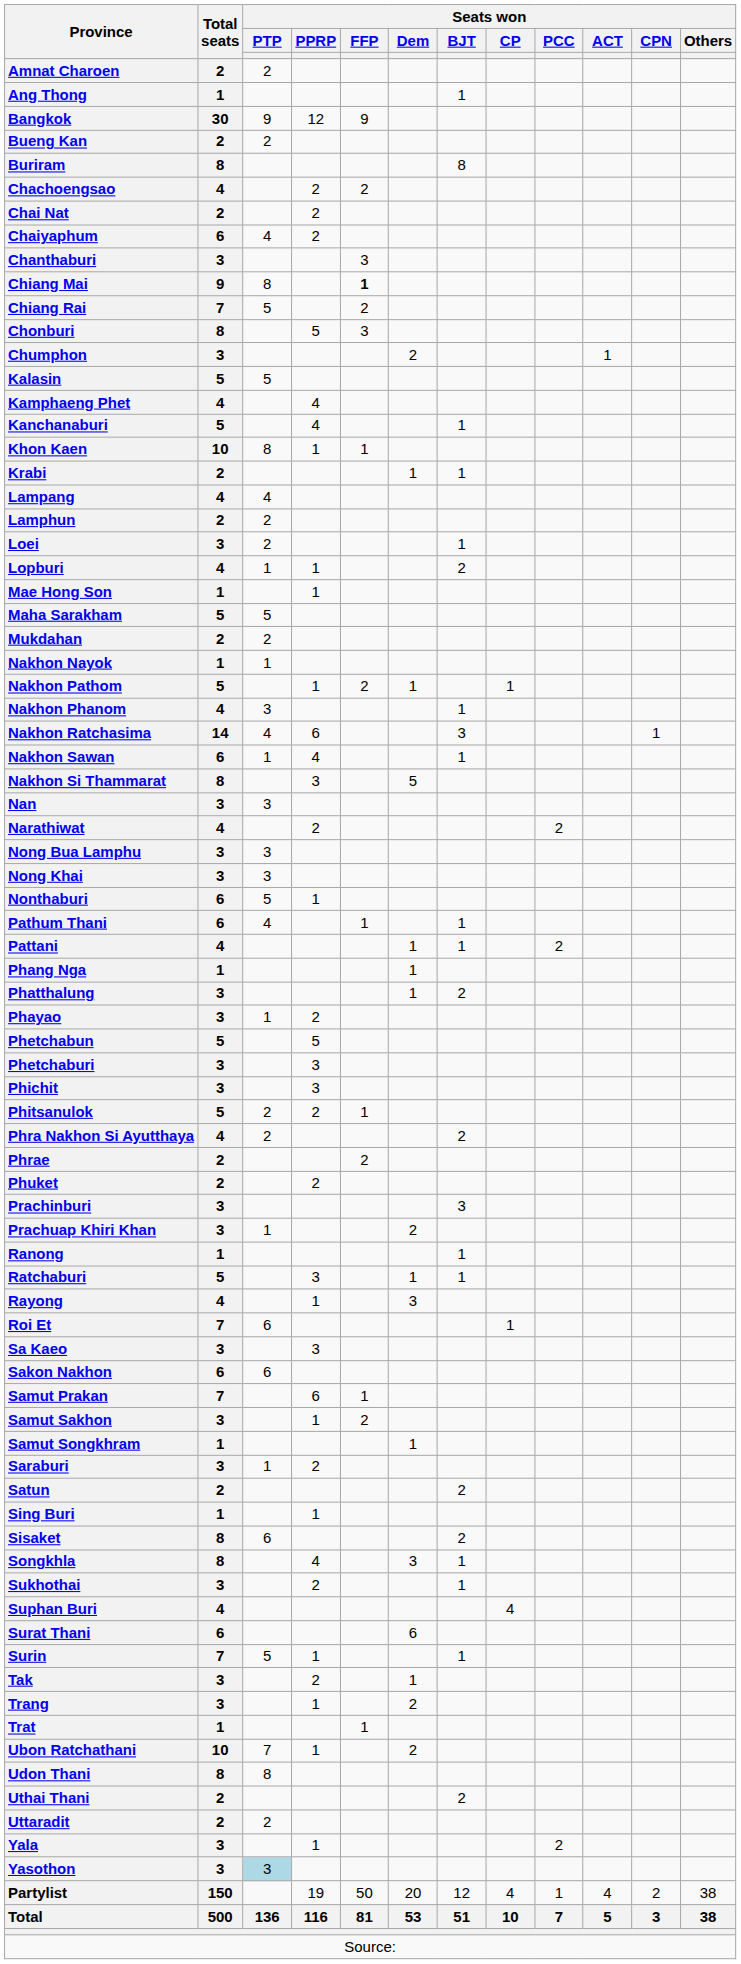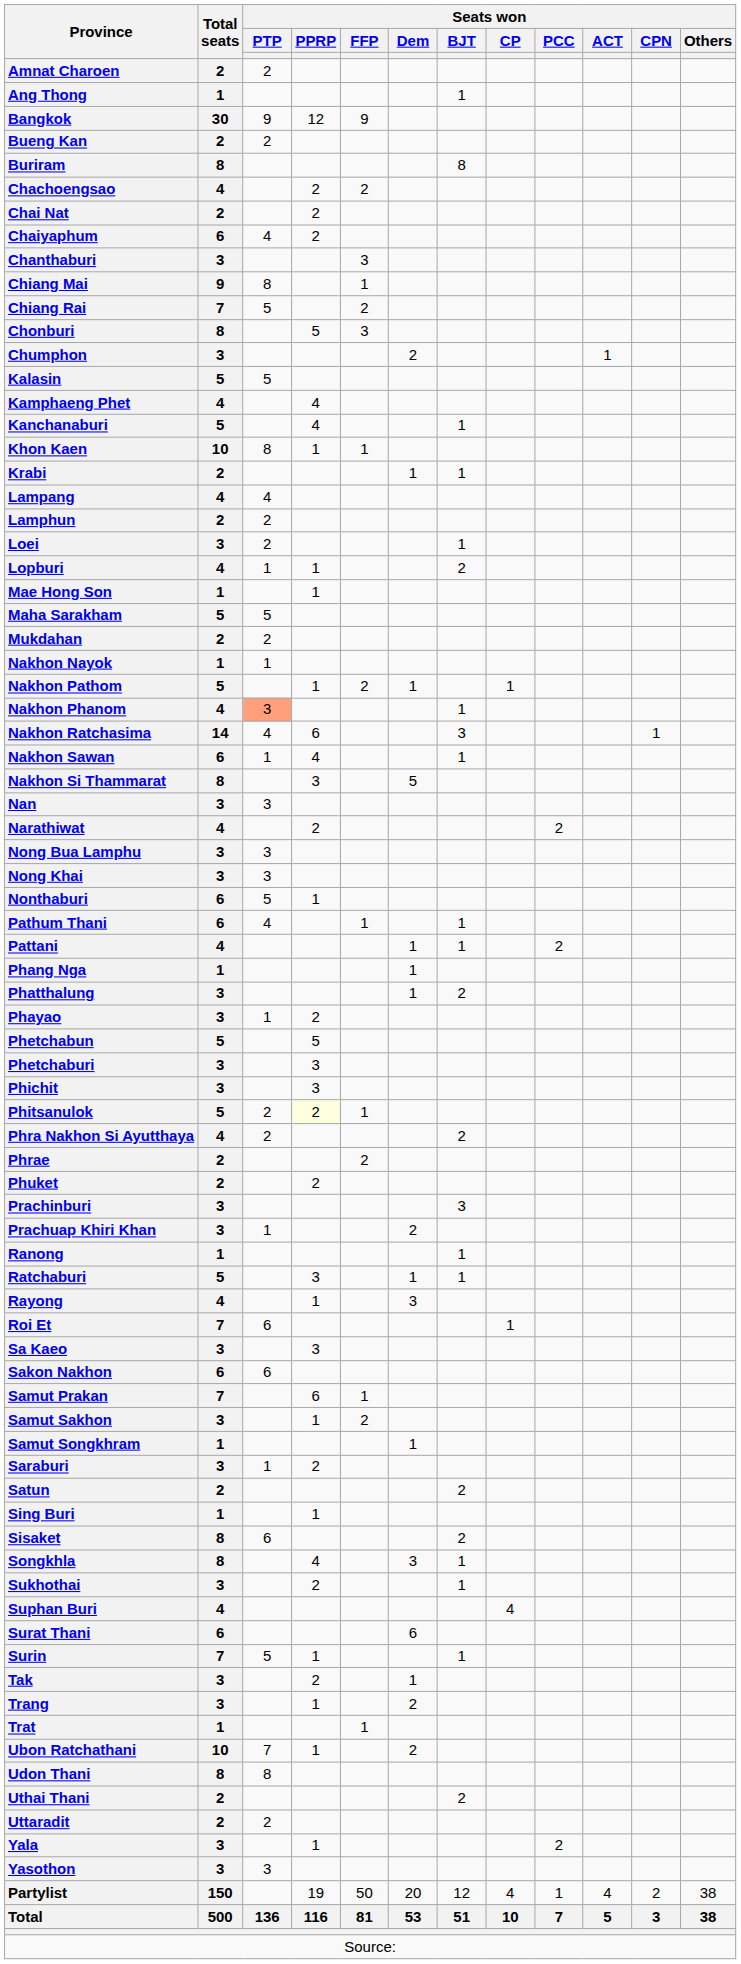 <table class=wikitable style="text-align:center; font-size: 0.9em;">
 <tr>
 <th rowspan="3">Province</th>
 <th rowspan="3">Total<br>seats</th>
 <th colspan="10">Seats won</th>
 </tr>
 <tr>
 <th class="unsortable" style="width:40px;"><a href='#'>PTP</a></th>
 <th class="unsortable" style="width:40px;"><a href='#'>PPRP</a></th>
 <th class="unsortable" style="width:40px;"><a href='#'>FFP</a></th>
 <th class="unsortable" style="width:40px;"><a href='#'>Dem</a></th>
 <th class="unsortable" style="width:40px;"><a href='#'>BJT</a></th>
 <th class="unsortable" style="width:40px;"><a href='#'>CP</a></th>
 <th class="unsortable" style="width:40px;"><a href='#'>PCC</a></th>
 <th class="unsortable" style="width:40px;"><a href='#'>ACT</a></th>
 <th class="unsortable" style="width:40px;"><a href='#'>CPN</a></th>
 <th class="unsortable" style="width:40px;">Others</th>
 </tr>
 <tr>
 <th style="color:inherit;background:"></th>
 <th style="color:inherit;background:"></th>
 <th style="color:inherit;background:"></th>
 <th style="color:inherit;background:"></th>
 <th style="color:inherit;background:"></th>
 <th style="color:inherit;background:"></th>
 <th style="color:inherit;background:"></th>
 <th style="color:inherit;background:"></th>
 <th style="color:inherit;background:"></th>
 <th style="color:inherit;background:"></th>
 </tr>
 <tr>
 <th style="text-align: left;"><a href='#'>Amnat Charoen</a></th>
 <th>2</th>
 <td>2</td>
 <td></td>
 <td></td>
 <td></td>
 <td></td>
 <td></td>
 <td></td>
 <td></td>
 <td></td>
 <td></td>
 </tr>
 <tr>
 <th style="text-align: left;"><a href='#'>Ang Thong</a></th>
 <th>1</th>
 <td></td>
 <td></td>
 <td></td>
 <td></td>
 <td>1</td>
 <td></td>
 <td></td>
 <td></td>
 <td></td>
 <td></td>
 </tr>
 <tr>
 <th style="text-align: left;"><a href='#'>Bangkok</a></th>
 <th>30</th>
 <td>9</td>
 <td>12</td>
 <td>9</td>
 <td></td>
 <td></td>
 <td></td>
 <td></td>
 <td></td>
 <td></td>
 <td></td>
 </tr>
 <tr>
 <th style="text-align: left;"><a href='#'>Bueng Kan</a></th>
 <th>2</th>
 <td>2</td>
 <td></td>
 <td></td>
 <td></td>
 <td></td>
 <td></td>
 <td></td>
 <td></td>
 <td></td>
 <td></td>
 </tr>
 <tr>
 <th style="text-align: left;"><a href='#'>Buriram</a></th>
 <th>8</th>
 <td></td>
 <td></td>
 <td></td>
 <td></td>
 <td>8</td>
 <td></td>
 <td></td>
 <td></td>
 <td></td>
 <td></td>
 </tr>
 <tr>
 <th style="text-align: left;"><a href='#'>Chachoengsao</a></th>
 <th>4</th>
 <td></td>
 <td>2</td>
 <td>2</td>
 <td></td>
 <td></td>
 <td></td>
 <td></td>
 <td></td>
 <td></td>
 <td></td>
 </tr>
 <tr>
 <th style="text-align: left;"><a href='#'>Chai Nat</a></th>
 <th>2</th>
 <td></td>
 <td>2</td>
 <td></td>
 <td></td>
 <td></td>
 <td></td>
 <td></td>
 <td></td>
 <td></td>
 <td></td>
 </tr>
 <tr>
 <th style="text-align: left;"><a href='#'>Chaiyaphum</a></th>
 <th>6</th>
 <td>4</td>
 <td>2</td>
 <td></td>
 <td></td>
 <td></td>
 <td></td>
 <td></td>
 <td></td>
 <td></td>
 <td></td>
 </tr>
 <tr>
 <th style="text-align: left;"><a href='#'>Chanthaburi</a></th>
 <th>3</th>
 <td></td>
 <td></td>
 <td>3</td>
 <td></td>
 <td></td>
 <td></td>
 <td></td>
 <td></td>
 <td></td>
 <td></td>
 </tr>
 <tr>
 <th style="text-align: left;"><a href='#'>Chiang Mai</a></th>
 <th>9</th>
 <td>8</td>
 <td></td>
-<td><strong>1</strong></td>
+<td>1</td>
 <td></td>
 <td></td>
 <td></td>
 <td></td>
 <td></td>
 <td></td>
 <td></td>
 </tr>
 <tr>
 <th style="text-align: left;"><a href='#'>Chiang Rai</a></th>
 <th>7</th>
 <td>5</td>
 <td></td>
 <td>2</td>
 <td></td>
 <td></td>
 <td></td>
 <td></td>
 <td></td>
 <td></td>
 <td></td>
 </tr>
 <tr>
 <th style="text-align: left;"><a href='#'>Chonburi</a></th>
 <th>8</th>
 <td></td>
 <td>5</td>
 <td>3</td>
 <td></td>
 <td></td>
 <td></td>
 <td></td>
 <td></td>
 <td></td>
 <td></td>
 </tr>
 <tr>
 <th style="text-align: left;"><a href='#'>Chumphon</a></th>
 <th>3</th>
 <td></td>
 <td></td>
 <td></td>
 <td>2</td>
 <td></td>
 <td></td>
 <td></td>
 <td>1</td>
 <td></td>
 <td></td>
 </tr>
 <tr>
 <th style="text-align: left;"><a href='#'>Kalasin</a></th>
 <th>5</th>
 <td>5</td>
 <td></td>
 <td></td>
 <td></td>
 <td></td>
 <td></td>
 <td></td>
 <td></td>
 <td></td>
 <td></td>
 </tr>
 <tr>
 <th style="text-align: left;"><a href='#'>Kamphaeng Phet</a></th>
 <th>4</th>
 <td></td>
 <td>4</td>
 <td></td>
 <td></td>
 <td></td>
 <td></td>
 <td></td>
 <td></td>
 <td></td>
 <td></td>
 </tr>
 <tr>
 <th style="text-align: left;"><a href='#'>Kanchanaburi</a></th>
 <th>5</th>
 <td></td>
 <td>4</td>
 <td></td>
 <td></td>
 <td>1</td>
 <td></td>
 <td></td>
 <td></td>
 <td></td>
 <td></td>
 </tr>
 <tr>
 <th style="text-align: left;"><a href='#'>Khon Kaen</a></th>
 <th>10</th>
 <td>8</td>
 <td>1</td>
 <td>1</td>
 <td></td>
 <td></td>
 <td></td>
 <td></td>
 <td></td>
 <td></td>
 <td></td>
 </tr>
 <tr>
 <th style="text-align: left;"><a href='#'>Krabi</a></th>
 <th>2</th>
 <td></td>
 <td></td>
 <td></td>
 <td>1</td>
 <td>1</td>
 <td></td>
 <td></td>
 <td></td>
 <td></td>
 <td></td>
 </tr>
 <tr>
 <th style="text-align: left;"><a href='#'>Lampang</a></th>
 <th>4</th>
 <td>4</td>
 <td></td>
 <td></td>
 <td></td>
 <td></td>
 <td></td>
 <td></td>
 <td></td>
 <td></td>
 <td></td>
 </tr>
 <tr>
 <th style="text-align: left;"><a href='#'>Lamphun</a></th>
 <th>2</th>
 <td>2</td>
 <td></td>
 <td></td>
 <td></td>
 <td></td>
 <td></td>
 <td></td>
 <td></td>
 <td></td>
 <td></td>
 </tr>
 <tr>
 <th style="text-align: left;"><a href='#'>Loei</a></th>
 <th>3</th>
 <td>2</td>
 <td></td>
 <td></td>
 <td></td>
 <td>1</td>
 <td></td>
 <td></td>
 <td></td>
 <td></td>
 <td></td>
 </tr>
 <tr>
 <th style="text-align: left;"><a href='#'>Lopburi</a></th>
 <th>4</th>
 <td>1</td>
 <td>1</td>
 <td></td>
 <td></td>
 <td>2</td>
 <td></td>
 <td></td>
 <td></td>
 <td></td>
 <td></td>
 </tr>
 <tr>
 <th style="text-align: left;"><a href='#'>Mae Hong Son</a></th>
 <th>1</th>
 <td></td>
 <td>1</td>
 <td></td>
 <td></td>
 <td></td>
 <td></td>
 <td></td>
 <td></td>
 <td></td>
 <td></td>
 </tr>
 <tr>
 <th style="text-align: left;"><a href='#'>Maha Sarakham</a></th>
 <th>5</th>
 <td>5</td>
 <td></td>
 <td></td>
 <td></td>
 <td></td>
 <td></td>
 <td></td>
 <td></td>
 <td></td>
 <td></td>
 </tr>
 <tr>
 <th style="text-align: left;"><a href='#'>Mukdahan</a></th>
 <th>2</th>
 <td>2</td>
 <td></td>
 <td></td>
 <td></td>
 <td></td>
 <td></td>
 <td></td>
 <td></td>
 <td></td>
 <td></td>
 </tr>
 <tr>
 <th style="text-align: left;"><a href='#'>Nakhon Nayok</a></th>
 <th>1</th>
 <td>1</td>
 <td></td>
 <td></td>
 <td></td>
 <td></td>
 <td></td>
 <td></td>
 <td></td>
 <td></td>
 <td></td>
 </tr>
 <tr>
 <th style="text-align: left;"><a href='#'>Nakhon Pathom</a></th>
 <th>5</th>
 <td></td>
 <td>1</td>
 <td>2</td>
 <td>1</td>
 <td></td>
 <td>1</td>
 <td></td>
 <td></td>
 <td></td>
 <td></td>
 </tr>
 <tr>
 <th style="text-align: left;"><a href='#'>Nakhon Phanom</a></th>
 <th>4</th>
-<td>3</td>
+<td style="background: lightsalmon;">3</td>
 <td></td>
 <td></td>
 <td></td>
 <td>1</td>
 <td></td>
 <td></td>
 <td></td>
 <td></td>
 <td></td>
 </tr>
 <tr>
 <th style="text-align: left;"><a href='#'>Nakhon Ratchasima</a></th>
 <th>14</th>
 <td>4</td>
 <td>6</td>
 <td></td>
 <td></td>
 <td>3</td>
 <td></td>
 <td></td>
 <td></td>
 <td>1</td>
 <td></td>
 </tr>
 <tr>
 <th style="text-align: left;"><a href='#'>Nakhon Sawan</a></th>
 <th>6</th>
 <td>1</td>
 <td>4</td>
 <td></td>
 <td></td>
 <td>1</td>
 <td></td>
 <td></td>
 <td></td>
 <td></td>
 <td></td>
 </tr>
 <tr>
 <th style="text-align: left;"><a href='#'>Nakhon Si Thammarat</a></th>
 <th>8</th>
 <td></td>
 <td>3</td>
 <td></td>
 <td>5</td>
 <td></td>
 <td></td>
 <td></td>
 <td></td>
 <td></td>
 <td></td>
 </tr>
 <tr>
 <th style="text-align: left;"><a href='#'>Nan</a></th>
 <th>3</th>
 <td>3</td>
 <td></td>
 <td></td>
 <td></td>
 <td></td>
 <td></td>
 <td></td>
 <td></td>
 <td></td>
 <td></td>
 </tr>
 <tr>
 <th style="text-align: left;"><a href='#'>Narathiwat</a></th>
 <th>4</th>
 <td></td>
 <td>2</td>
 <td></td>
 <td></td>
 <td></td>
 <td></td>
 <td>2</td>
 <td></td>
 <td></td>
 <td></td>
 </tr>
 <tr>
 <th style="text-align: left;"><a href='#'>Nong Bua Lamphu</a></th>
 <th>3</th>
 <td>3</td>
 <td></td>
 <td></td>
 <td></td>
 <td></td>
 <td></td>
 <td></td>
 <td></td>
 <td></td>
 <td></td>
 </tr>
 <tr>
 <th style="text-align: left;"><a href='#'>Nong Khai</a></th>
 <th>3</th>
 <td>3</td>
 <td></td>
 <td></td>
 <td></td>
 <td></td>
 <td></td>
 <td></td>
 <td></td>
 <td></td>
 <td></td>
 </tr>
 <tr>
 <th style="text-align: left;"><a href='#'>Nonthaburi</a></th>
 <th>6</th>
 <td>5</td>
 <td>1</td>
 <td></td>
 <td></td>
 <td></td>
 <td></td>
 <td></td>
 <td></td>
 <td></td>
 <td></td>
 </tr>
 <tr>
 <th style="text-align: left;"><a href='#'>Pathum Thani</a></th>
 <th>6</th>
 <td>4</td>
 <td></td>
 <td>1</td>
 <td></td>
 <td>1</td>
 <td></td>
 <td></td>
 <td></td>
 <td></td>
 <td></td>
 </tr>
 <tr>
 <th style="text-align: left;"><a href='#'>Pattani</a></th>
 <th>4</th>
 <td></td>
 <td></td>
 <td></td>
 <td>1</td>
 <td>1</td>
 <td></td>
 <td>2</td>
 <td></td>
 <td></td>
 <td></td>
 </tr>
 <tr>
 <th style="text-align: left;"><a href='#'>Phang Nga</a></th>
 <th>1</th>
 <td></td>
 <td></td>
 <td></td>
 <td>1</td>
 <td></td>
 <td></td>
 <td></td>
 <td></td>
 <td></td>
 <td></td>
 </tr>
 <tr>
 <th style="text-align: left;"><a href='#'>Phatthalung</a></th>
 <th>3</th>
 <td></td>
 <td></td>
 <td></td>
 <td>1</td>
 <td>2</td>
 <td></td>
 <td></td>
 <td></td>
 <td></td>
 <td></td>
 </tr>
 <tr>
 <th style="text-align: left;"><a href='#'>Phayao</a></th>
 <th>3</th>
 <td>1</td>
 <td>2</td>
 <td></td>
 <td></td>
 <td></td>
 <td></td>
 <td></td>
 <td></td>
 <td></td>
 <td></td>
 </tr>
 <tr>
 <th style="text-align: left;"><a href='#'>Phetchabun</a></th>
 <th>5</th>
 <td></td>
 <td>5</td>
 <td></td>
 <td></td>
 <td></td>
 <td></td>
 <td></td>
 <td></td>
 <td></td>
 <td></td>
 </tr>
 <tr>
 <th style="text-align: left;"><a href='#'>Phetchaburi</a></th>
 <th>3</th>
 <td></td>
 <td>3</td>
 <td></td>
 <td></td>
 <td></td>
 <td></td>
 <td></td>
 <td></td>
 <td></td>
 <td></td>
 </tr>
 <tr>
 <th style="text-align: left;"><a href='#'>Phichit</a></th>
 <th>3</th>
 <td></td>
 <td>3</td>
 <td></td>
 <td></td>
 <td></td>
 <td></td>
 <td></td>
 <td></td>
 <td></td>
 <td></td>
 </tr>
 <tr>
 <th style="text-align: left;"><a href='#'>Phitsanulok</a></th>
 <th>5</th>
 <td>2</td>
-<td>2</td>
+<td style="background: lightyellow;">2</td>
 <td>1</td>
 <td></td>
 <td></td>
 <td></td>
 <td></td>
 <td></td>
 <td></td>
 <td></td>
 </tr>
 <tr>
 <th style="text-align: left;"><a href='#'>Phra Nakhon Si Ayutthaya</a></th>
 <th>4</th>
 <td>2</td>
 <td></td>
 <td></td>
 <td></td>
 <td>2</td>
 <td></td>
 <td></td>
 <td></td>
 <td></td>
 <td></td>
 </tr>
 <tr>
 <th style="text-align: left;"><a href='#'>Phrae</a></th>
 <th>2</th>
 <td></td>
 <td></td>
 <td>2</td>
 <td></td>
 <td></td>
 <td></td>
 <td></td>
 <td></td>
 <td></td>
 <td></td>
 </tr>
 <tr>
 <th style="text-align: left;"><a href='#'>Phuket</a></th>
 <th>2</th>
 <td></td>
 <td>2</td>
 <td></td>
 <td></td>
 <td></td>
 <td></td>
 <td></td>
 <td></td>
 <td></td>
 <td></td>
 </tr>
 <tr>
 <th style="text-align: left;"><a href='#'>Prachinburi</a></th>
 <th>3</th>
 <td></td>
 <td></td>
 <td></td>
 <td></td>
 <td>3</td>
 <td></td>
 <td></td>
 <td></td>
 <td></td>
 <td></td>
 </tr>
 <tr>
 <th style="text-align: left;"><a href='#'>Prachuap Khiri Khan</a></th>
 <th>3</th>
 <td>1</td>
 <td></td>
 <td></td>
 <td>2</td>
 <td></td>
 <td></td>
 <td></td>
 <td></td>
 <td></td>
 <td></td>
 </tr>
 <tr>
 <th style="text-align: left;"><a href='#'>Ranong</a></th>
 <th>1</th>
 <td></td>
 <td></td>
 <td></td>
 <td></td>
 <td>1</td>
 <td></td>
 <td></td>
 <td></td>
 <td></td>
 <td></td>
 </tr>
 <tr>
 <th style="text-align: left;"><a href='#'>Ratchaburi</a></th>
 <th>5</th>
 <td></td>
 <td>3</td>
 <td></td>
 <td>1</td>
 <td>1</td>
 <td></td>
 <td></td>
 <td></td>
 <td></td>
 <td></td>
 </tr>
 <tr>
 <th style="text-align: left;"><a href='#'>Rayong</a></th>
 <th>4</th>
 <td></td>
 <td>1</td>
 <td></td>
 <td>3</td>
 <td></td>
 <td></td>
 <td></td>
 <td></td>
 <td></td>
 <td></td>
 </tr>
 <tr>
 <th style="text-align: left;"><a href='#'>Roi Et</a></th>
 <th>7</th>
 <td>6</td>
 <td></td>
 <td></td>
 <td></td>
 <td></td>
 <td>1</td>
 <td></td>
 <td></td>
 <td></td>
 <td></td>
 </tr>
 <tr>
 <th style="text-align: left;"><a href='#'>Sa Kaeo</a></th>
 <th>3</th>
 <td></td>
 <td>3</td>
 <td></td>
 <td></td>
 <td></td>
 <td></td>
 <td></td>
 <td></td>
 <td></td>
 <td></td>
 </tr>
 <tr>
 <th style="text-align: left;"><a href='#'>Sakon Nakhon</a></th>
 <th>6</th>
 <td>6</td>
 <td></td>
 <td></td>
 <td></td>
 <td></td>
 <td></td>
 <td></td>
 <td></td>
 <td></td>
 <td></td>
 </tr>
 <tr>
 <th style="text-align: left;"><a href='#'>Samut Prakan</a></th>
 <th>7</th>
 <td></td>
 <td>6</td>
 <td>1</td>
 <td></td>
 <td></td>
 <td></td>
 <td></td>
 <td></td>
 <td></td>
 <td></td>
 </tr>
 <tr>
 <th style="text-align: left;"><a href='#'>Samut Sakhon</a></th>
 <th>3</th>
 <td></td>
 <td>1</td>
 <td>2</td>
 <td></td>
 <td></td>
 <td></td>
 <td></td>
 <td></td>
 <td></td>
 <td></td>
 </tr>
 <tr>
 <th style="text-align: left;"><a href='#'>Samut Songkhram</a></th>
 <th>1</th>
 <td></td>
 <td></td>
 <td></td>
 <td>1</td>
 <td></td>
 <td></td>
 <td></td>
 <td></td>
 <td></td>
 <td></td>
 </tr>
 <tr>
 <th style="text-align: left;"><a href='#'>Saraburi</a></th>
 <th>3</th>
 <td>1</td>
 <td>2</td>
 <td></td>
 <td></td>
 <td></td>
 <td></td>
 <td></td>
 <td></td>
 <td></td>
 <td></td>
 </tr>
 <tr>
 <th style="text-align: left;"><a href='#'>Satun</a></th>
 <th>2</th>
 <td></td>
 <td></td>
 <td></td>
 <td></td>
 <td>2</td>
 <td></td>
 <td></td>
 <td></td>
 <td></td>
 <td></td>
 </tr>
 <tr>
 <th style="text-align: left;"><a href='#'>Sing Buri</a></th>
 <th>1</th>
 <td></td>
 <td>1</td>
 <td></td>
 <td></td>
 <td></td>
 <td></td>
 <td></td>
 <td></td>
 <td></td>
 <td></td>
 </tr>
 <tr>
 <th style="text-align: left;"><a href='#'>Sisaket</a></th>
 <th>8</th>
 <td>6</td>
 <td></td>
 <td></td>
 <td></td>
 <td>2</td>
 <td></td>
 <td></td>
 <td></td>
 <td></td>
 <td></td>
 </tr>
 <tr>
 <th style="text-align: left;"><a href='#'>Songkhla</a></th>
 <th>8</th>
 <td></td>
 <td>4</td>
 <td></td>
 <td>3</td>
 <td>1</td>
 <td></td>
 <td></td>
 <td></td>
 <td></td>
 <td></td>
 </tr>
 <tr>
 <th style="text-align: left;"><a href='#'>Sukhothai</a></th>
 <th>3</th>
 <td></td>
 <td>2</td>
 <td></td>
 <td></td>
 <td>1</td>
 <td></td>
 <td></td>
 <td></td>
 <td></td>
 <td></td>
 </tr>
 <tr>
 <th style="text-align: left;"><a href='#'>Suphan Buri</a></th>
 <th>4</th>
 <td></td>
 <td></td>
 <td></td>
 <td></td>
 <td></td>
 <td>4</td>
 <td></td>
 <td></td>
 <td></td>
 <td></td>
 </tr>
 <tr>
 <th style="text-align: left;"><a href='#'>Surat Thani</a></th>
 <th>6</th>
 <td></td>
 <td></td>
 <td></td>
 <td>6</td>
 <td></td>
 <td></td>
 <td></td>
 <td></td>
 <td></td>
 <td></td>
 </tr>
 <tr>
 <th style="text-align: left;"><a href='#'>Surin</a></th>
 <th>7</th>
 <td>5</td>
 <td>1</td>
 <td></td>
 <td></td>
 <td>1</td>
 <td></td>
 <td></td>
 <td></td>
 <td></td>
 <td></td>
 </tr>
 <tr>
 <th style="text-align: left;"><a href='#'>Tak</a></th>
 <th>3</th>
 <td></td>
 <td>2</td>
 <td></td>
 <td>1</td>
 <td></td>
 <td></td>
 <td></td>
 <td></td>
 <td></td>
 <td></td>
 </tr>
 <tr>
 <th style="text-align: left;"><a href='#'>Trang</a></th>
 <th>3</th>
 <td></td>
 <td>1</td>
 <td></td>
 <td>2</td>
 <td></td>
 <td></td>
 <td></td>
 <td></td>
 <td></td>
 <td></td>
 </tr>
 <tr>
 <th style="text-align: left;"><a href='#'>Trat</a></th>
 <th>1</th>
 <td></td>
 <td></td>
 <td>1</td>
 <td></td>
 <td></td>
 <td></td>
 <td></td>
 <td></td>
 <td></td>
 <td></td>
 </tr>
 <tr>
 <th style="text-align: left;"><a href='#'>Ubon Ratchathani</a></th>
 <th>10</th>
 <td>7</td>
 <td>1</td>
 <td></td>
 <td>2</td>
 <td></td>
 <td></td>
 <td></td>
 <td></td>
 <td></td>
 <td></td>
 </tr>
 <tr>
 <th style="text-align: left;"><a href='#'>Udon Thani</a></th>
 <th>8</th>
 <td>8</td>
 <td></td>
 <td></td>
 <td></td>
 <td></td>
 <td></td>
 <td></td>
 <td></td>
 <td></td>
 <td></td>
 </tr>
 <tr>
 <th style="text-align: left;"><a href='#'>Uthai Thani</a></th>
 <th>2</th>
 <td></td>
 <td></td>
 <td></td>
 <td></td>
 <td>2</td>
 <td></td>
 <td></td>
 <td></td>
 <td></td>
 <td></td>
 </tr>
 <tr>
 <th style="text-align: left;"><a href='#'>Uttaradit</a></th>
 <th>2</th>
 <td>2</td>
 <td></td>
 <td></td>
 <td></td>
 <td></td>
 <td></td>
 <td></td>
 <td></td>
 <td></td>
 <td></td>
 </tr>
 <tr>
 <th style="text-align: left;"><a href='#'>Yala</a></th>
 <th>3</th>
 <td></td>
 <td>1</td>
 <td></td>
 <td></td>
 <td></td>
 <td></td>
 <td>2</td>
 <td></td>
 <td></td>
 <td></td>
 </tr>
 <tr>
 <th style="text-align: left;"><a href='#'>Yasothon</a></th>
 <th>3</th>
-<td style="background: lightblue;">3</td>
+<td>3</td>
 <td></td>
 <td></td>
 <td></td>
 <td></td>
 <td></td>
 <td></td>
 <td></td>
 <td></td>
 <td></td>
 </tr>
 <tr>
 <th style="text-align: left;">Partylist</th>
 <th>150</th>
 <td></td>
 <td>19</td>
 <td>50</td>
 <td>20</td>
 <td>12</td>
 <td>4</td>
 <td>1</td>
 <td>4</td>
 <td>2</td>
 <td>38</td>
 </tr>
 <tr class="sortbottom">
 <th style="text-align: left;">Total</th>
 <th>500</th>
 <th>136</th>
 <th>116</th>
 <th>81</th>
 <th>53</th>
 <th>51</th>
 <th>10</th>
 <th>7</th>
 <th>5</th>
 <th>3</th>
 <th>38</th>
 </tr>
 <tr>
 <th colspan="12"></th>
 </tr>
 <tr>
 <td colspan="12">Source: </td>
 </tr>
 </table>
